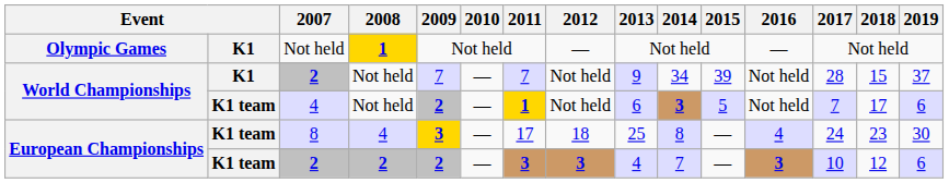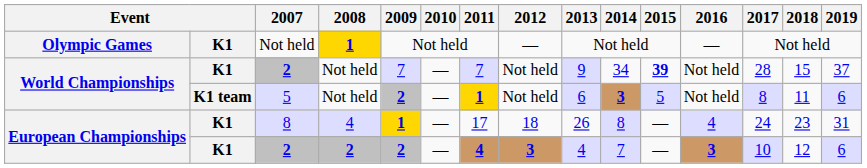 <table class="wikitable plainrowheaders" style=font-size:90%>
 <tr>
 <th scope="col" colspan=2>Event</th>
 <th scope="col">2007</th>
 <th scope="col">2008</th>
 <th scope="col">2009</th>
 <th scope="col">2010</th>
 <th scope="col">2011</th>
 <th scope="col">2012</th>
 <th scope="col">2013</th>
 <th scope="col">2014</th>
 <th scope="col">2015</th>
 <th scope="col">2016</th>
 <th scope="col">2017</th>
 <th scope="col">2018</th>
 <th scope="col">2019</th>
 </tr>
 <tr style="text-align:center;">
 <th scope="row"><a href='#'>Olympic Games</a></th>
 <th scope="row">K1</th>
 <td>Not held</td>
 <td style="background:gold;"><a href='#'><strong>1</strong></a></td>
 <td colspan=3>Not held</td>
 <td>—</td>
 <td colspan=3>Not held</td>
 <td>—</td>
 <td colspan=3>Not held</td>
 </tr>
 <tr style="text-align:center;">
 <th scope="row" rowspan=2><a href='#'>World Championships</a></th>
 <th scope="row">K1</th>
 <td style="background:silver;"><a href='#'><strong>2</strong></a></td>
 <td>Not held</td>
 <td style="background:#ddf;"><a href='#'>7</a></td>
 <td>—</td>
 <td style="background:#ddf;"><a href='#'>7</a></td>
 <td>Not held</td>
 <td style="background:#ddf;"><a href='#'>9</a></td>
 <td><a href='#'>34</a></td>
-<td><a href='#'>39</a></td>
+<td><strong><a href='#'>39</a></strong></td>
 <td>Not held</td>
 <td><a href='#'>28</a></td>
 <td><a href='#'>15</a></td>
 <td><a href='#'>37</a></td>
 </tr>
 <tr style="text-align:center;">
 <th scope="row">K1 team</th>
-<td style="background:#ddf;"><a href='#'>4</a></td>
+<td style="background:#ddf;"><a href='#'>5</a></td>
 <td>Not held</td>
 <td style="background:silver;"><a href='#'><strong>2</strong></a></td>
 <td>—</td>
 <td style="background:gold;"><a href='#'><strong>1</strong></a></td>
 <td>Not held</td>
 <td style="background:#ddf;"><a href='#'>6</a></td>
 <td style="background:#cc9966;"><a href='#'><strong>3</strong></a></td>
 <td style="background:#ddf;"><a href='#'>5</a></td>
 <td>Not held</td>
-<td style="background:#ddf;"><a href='#'>7</a></td>
-<td><a href='#'>17</a></td>
+<td style="background:#ddf;"><a href='#'>8</a></td>
+<td><a href='#'>11</a></td>
 <td style="background:#ddf;"><a href='#'>6</a></td>
 </tr>
 <tr style="text-align:center;">
 <th scope="row" rowspan=2><a href='#'>European Championships</a></th>
-<th scope="row">K1 team</th>
+<th scope="row">K1</th>
 <td style="background:#ddf;"><a href='#'>8</a></td>
 <td style="background:#ddf;"><a href='#'>4</a></td>
-<td style="background:gold;"><a href='#'><strong>3</strong></a></td>
+<td style="background:gold;"><a href='#'><strong>1</strong></a></td>
 <td>—</td>
 <td><a href='#'>17</a></td>
 <td><a href='#'>18</a></td>
-<td><a href='#'>25</a></td>
+<td><a href='#'>26</a></td>
 <td style="background:#ddf;"><a href='#'>8</a></td>
 <td>—</td>
 <td style="background:#ddf;"><a href='#'>4</a></td>
 <td><a href='#'>24</a></td>
 <td><a href='#'>23</a></td>
-<td><a href='#'>30</a></td>
+<td><a href='#'>31</a></td>
 </tr>
 <tr style="text-align:center;">
-<th scope="row">K1 team</th>
+<th scope="row">K1</th>
 <td style="background:silver;"><a href='#'><strong>2</strong></a></td>
 <td style="background:silver;"><a href='#'><strong>2</strong></a></td>
 <td style="background:silver;"><a href='#'><strong>2</strong></a></td>
 <td>—</td>
-<td style="background:#cc9966;"><a href='#'><strong>3</strong></a></td>
+<td style="background:#cc9966;"><a href='#'><strong>4</strong></a></td>
 <td style="background:#cc9966;"><a href='#'><strong>3</strong></a></td>
 <td style="background:#ddf;"><a href='#'>4</a></td>
 <td style="background:#ddf;"><a href='#'>7</a></td>
 <td>—</td>
 <td style="background:#cc9966;"><a href='#'><strong>3</strong></a></td>
 <td style="background:#ddf;"><a href='#'>10</a></td>
 <td><a href='#'>12</a></td>
 <td style="background:#ddf;"><a href='#'>6</a></td>
 </tr>
 </table>
